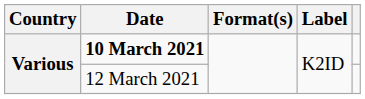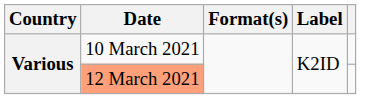 <table class="wikitable plainrowheaders">
 <tr>
 <th scope="col">Country</th>
 <th scope="col">Date</th>
 <th scope="col">Format(s)</th>
 <th scope="col">Label</th>
 <th scope="col"></th>
 </tr>
 <tr>
 <th scope="row" rowspan="2">Various</th>
-<td><strong>10 March 2021</strong></td>
+<td>10 March 2021</td>
 <td rowspan="2"></td>
 <td rowspan="2">K2ID</td>
 <td></td>
 </tr>
 <tr>
-<td>12 March 2021</td>
+<td style="background: lightsalmon;">12 March 2021</td>
 <td></td>
 </tr>
 </table>
